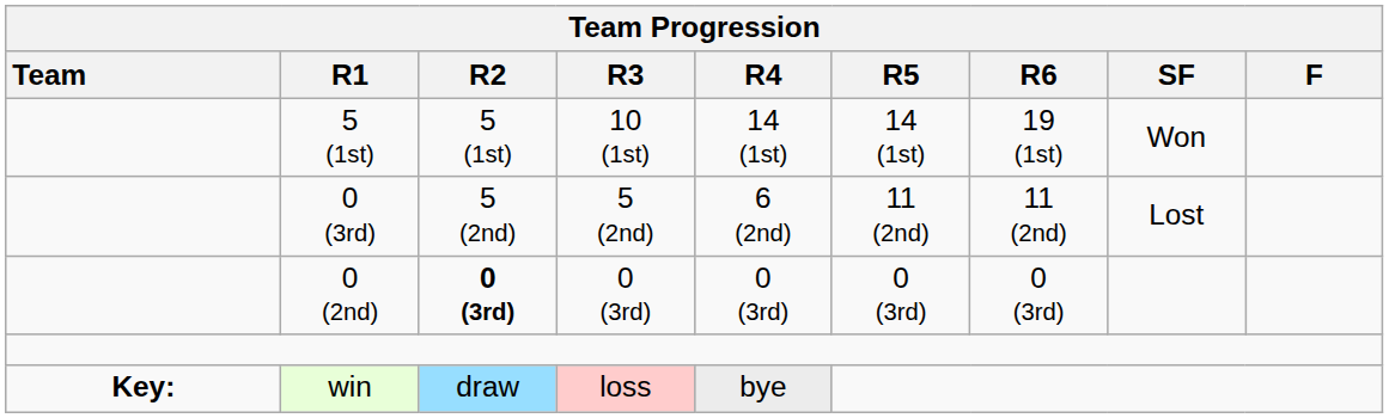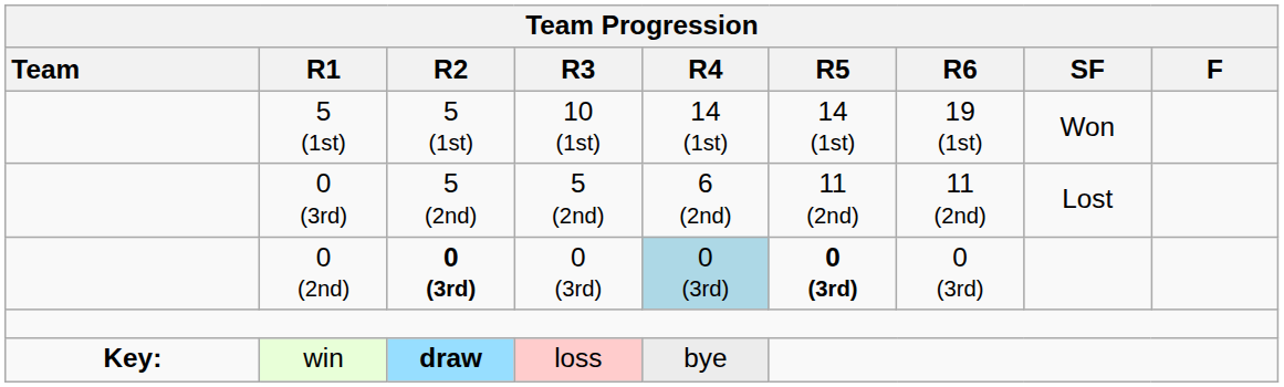 <table class="wikitable collapsible" style="text-align:center; font-size:100%; width:60%;">
 <tr>
 <th colspan="100%" cellpadding="0" cellspacing="0">Team Progression</th>
 </tr>
 <tr>
 <th style="text-align:left; width:20%;">Team</th>
 <th style="width:10%;">R1</th>
 <th style="width:10%;">R2</th>
 <th style="width:10%;">R3</th>
 <th style="width:10%;">R4</th>
 <th style="width:10%;">R5</th>
 <th style="width:10%;">R6</th>
 <th style="width:10%;">SF</th>
 <th style="width:10%;">F</th>
 </tr>
 <tr>
 <td style="text-align:left;"></td>
 <td>5 <br> <small>(1st)</small></td>
 <td>5 <br> <small>(1st)</small></td>
 <td>10 <br> <small>(1st)</small></td>
 <td>14 <br> <small>(1st)</small></td>
 <td>14 <br> <small>(1st)</small></td>
 <td>19 <br> <small>(1st)</small></td>
 <td>Won</td>
 <td></td>
 </tr>
 <tr>
 <td style="text-align:left;"></td>
 <td>0 <br> <small>(3rd)</small></td>
 <td>5 <br> <small>(2nd)</small></td>
 <td>5 <br> <small>(2nd)</small></td>
 <td>6 <br> <small>(2nd)</small></td>
 <td>11 <br> <small>(2nd)</small></td>
 <td>11 <br> <small>(2nd)</small></td>
 <td>Lost</td>
 <td> </td>
 </tr>
 <tr>
 <td style="text-align:left;"></td>
 <td>0 <br> <small>(2nd)</small></td>
 <td><strong>0 <br> <small>(3rd)</small></strong></td>
 <td>0 <br> <small>(3rd)</small></td>
-<td>0 <br> <small>(3rd)</small></td>
-<td>0 <br> <small>(3rd)</small></td>
+<td style="background: lightblue;">0 <br> <small>(3rd)</small></td>
+<td><strong>0 <br> <small>(3rd)</small></strong></td>
 <td>0 <br> <small>(3rd)</small></td>
 <td> </td>
 <td> </td>
 </tr>
 <tr>
 <td colspan="100%" style="text-align:center; height: 10px;"></td>
 </tr>
 <tr>
 <td><strong>Key:</strong></td>
 <td style="background:#E8FFD8;">win</td>
-<td style="background:#97DEFF;">draw</td>
+<td style="background:#97DEFF;"><strong>draw</strong></td>
 <td style="background:#FFCCCC;">loss</td>
 <td style="background:#ECECEC;">bye</td>
 <td colspan="100%"></td>
 </tr>
 </table>
